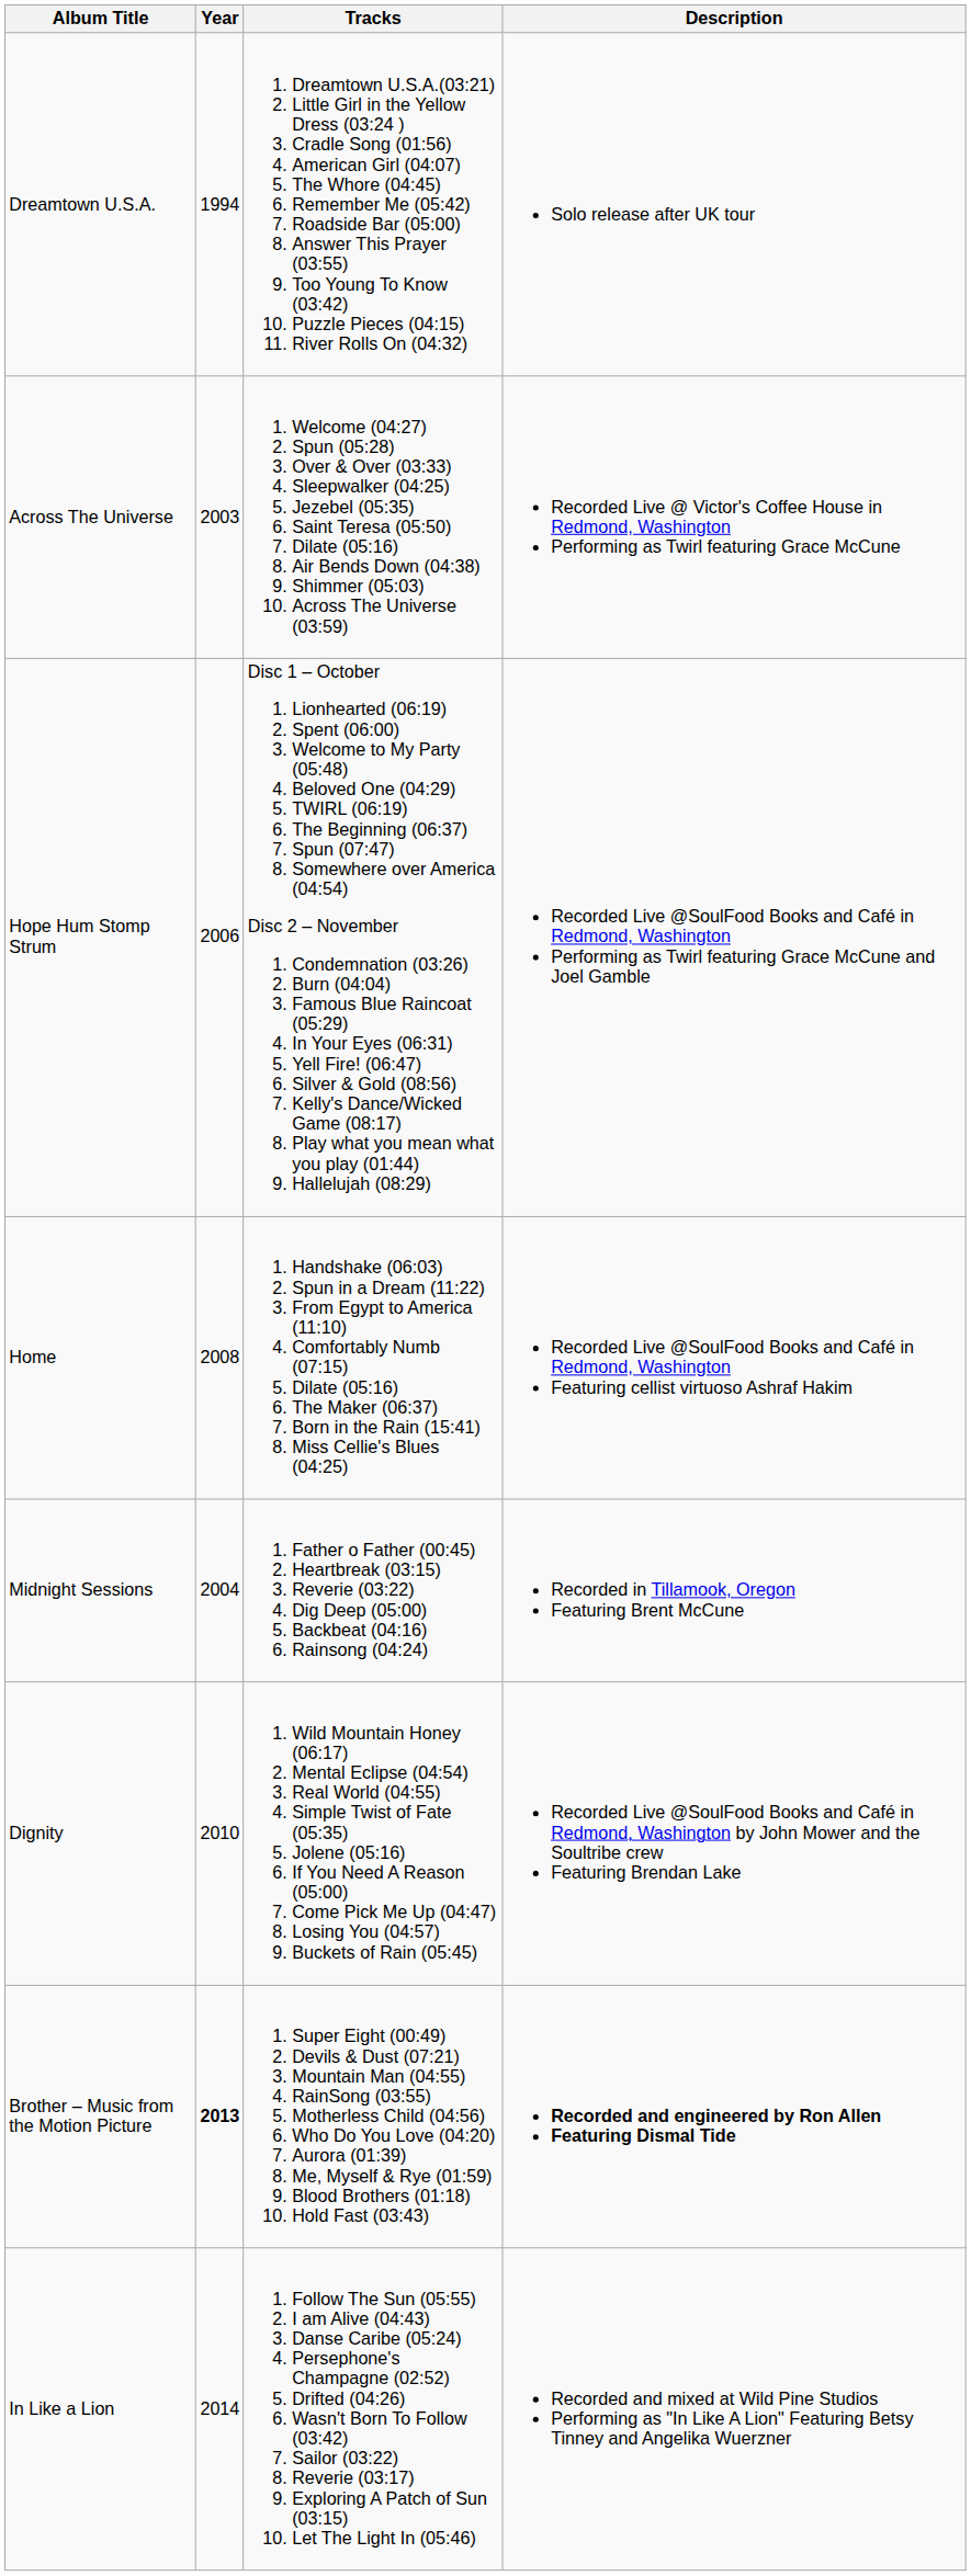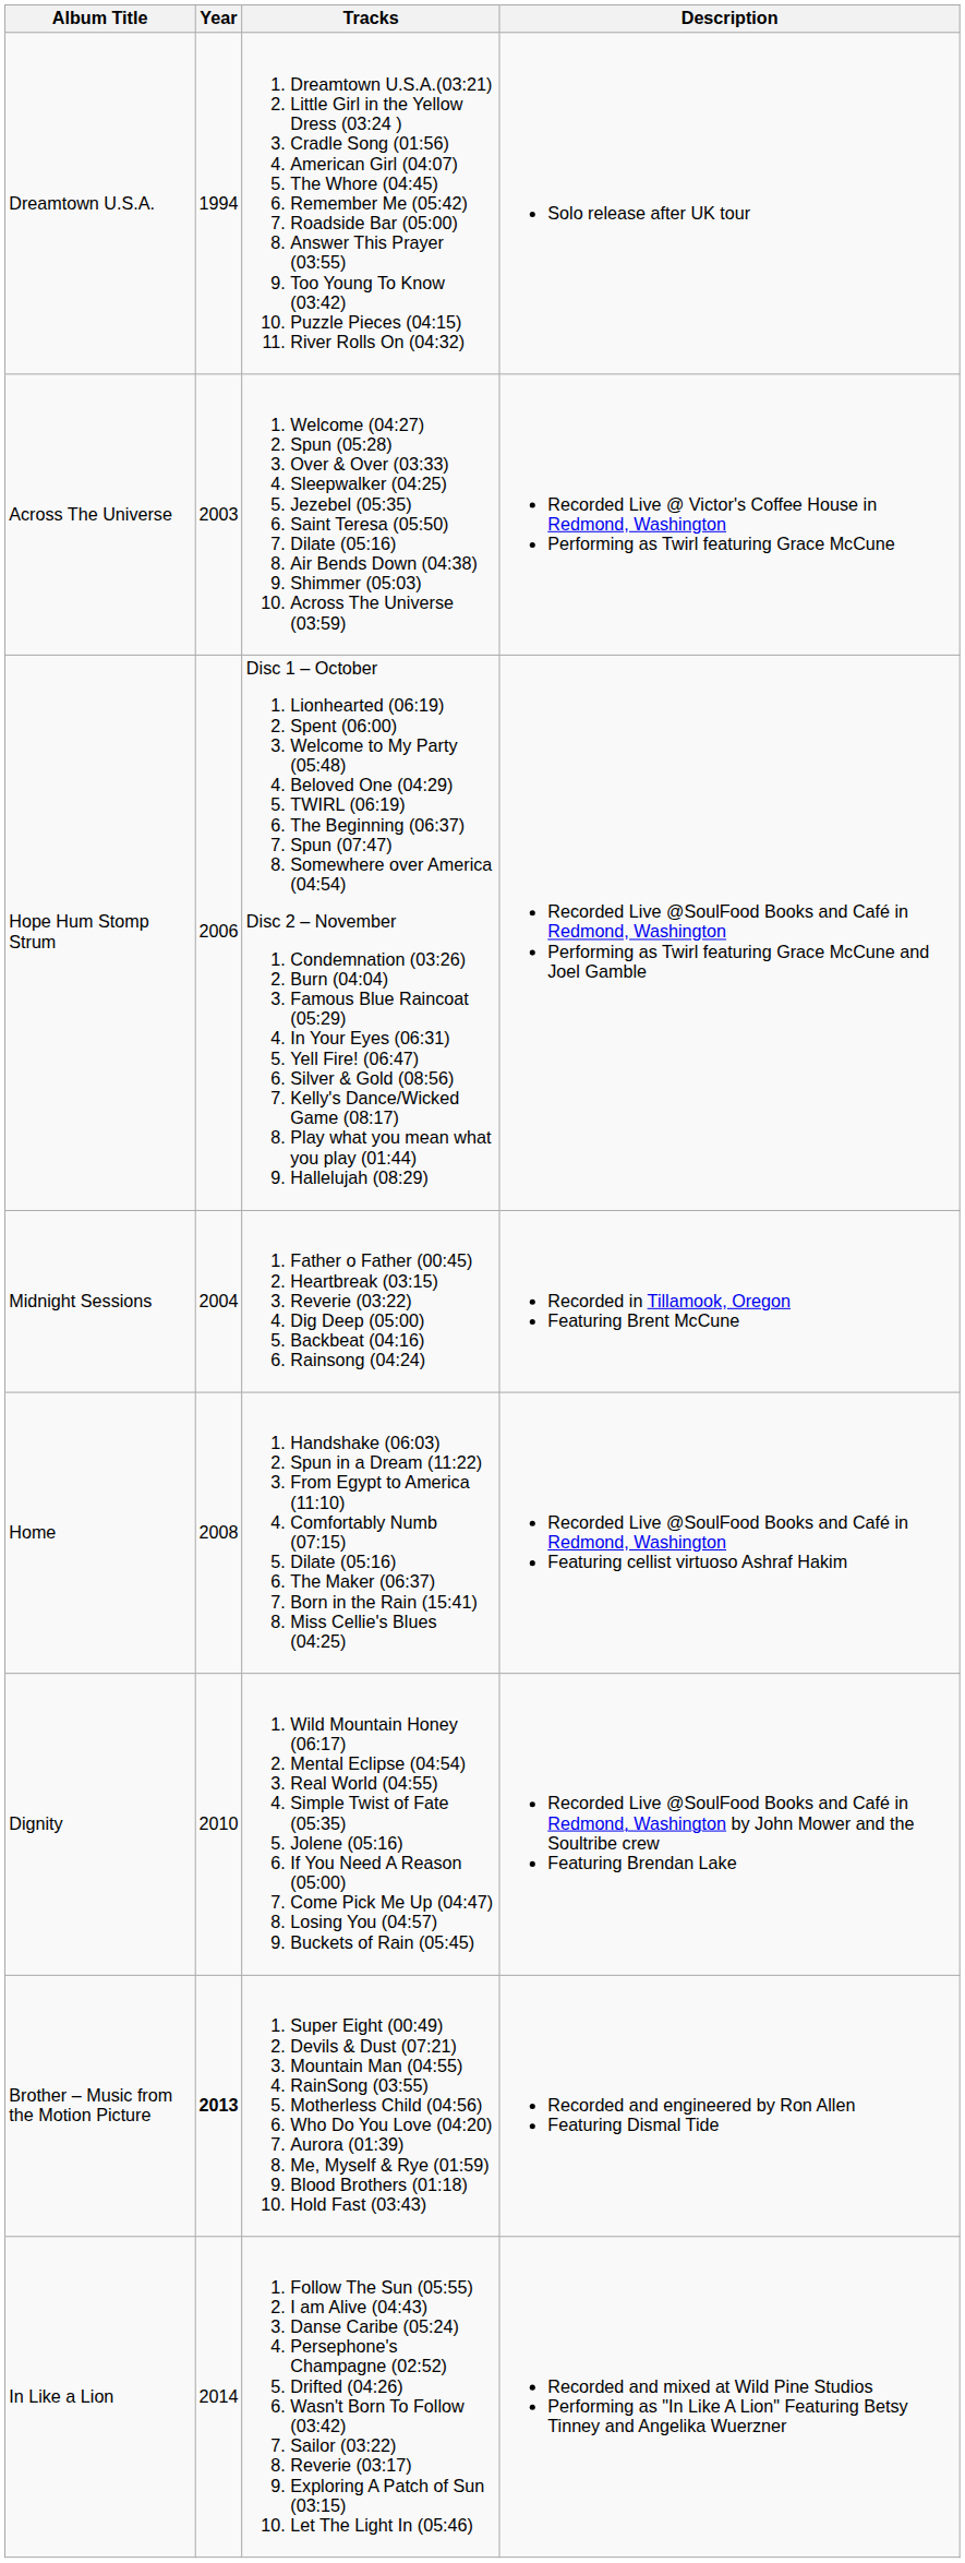 <table class="wikitable">
 <tr>
 <th>Album Title</th>
 <th>Year</th>
 <th>Tracks</th>
 <th>Description</th>
 </tr>
 <tr>
 <td>Dreamtown U.S.A.</td>
 <td>1994</td>
 <td><br><ol><li>Dreamtown U.S.A.(03:21)</li><li>Little Girl in the Yellow Dress (03:24 )</li><li>Cradle Song (01:56)</li><li>American Girl (04:07)</li><li>The Whore (04:45)</li><li>Remember Me (05:42)</li><li>Roadside Bar (05:00)</li><li>Answer This Prayer (03:55)</li><li>Too Young To Know (03:42)</li><li>Puzzle Pieces (04:15)</li><li>River Rolls On (04:32)</li></ol></td>
 <td><br><ul><li>Solo release after UK tour</li></ul></td>
 </tr>
 <tr>
 <td>Across The Universe</td>
 <td>2003</td>
 <td><br><ol><li>Welcome (04:27)</li><li>Spun (05:28)</li><li>Over & Over (03:33)</li><li>Sleepwalker (04:25)</li><li>Jezebel (05:35)</li><li>Saint Teresa (05:50)</li><li>Dilate (05:16)</li><li>Air Bends Down (04:38)</li><li>Shimmer (05:03)</li><li>Across The Universe (03:59)</li></ol></td>
 <td><br><ul><li>Recorded Live @ Victor's Coffee House in <a href='#'>Redmond, Washington</a></li><li>Performing as Twirl featuring Grace McCune</li></ul></td>
 </tr>
 <tr>
 <td>Hope Hum Stomp Strum</td>
 <td>2006</td>
 <td>Disc 1 – October<br><ol><li>Lionhearted (06:19)</li><li>Spent (06:00)</li><li>Welcome to My Party (05:48)</li><li>Beloved One (04:29)</li><li>TWIRL (06:19)</li><li>The Beginning (06:37)</li><li>Spun (07:47)</li><li>Somewhere over America (04:54)</li></ol>Disc 2 – November<ol><li>Condemnation (03:26)</li><li>Burn (04:04)</li><li>Famous Blue Raincoat (05:29)</li><li>In Your Eyes (06:31)</li><li>Yell Fire! (06:47)</li><li>Silver & Gold (08:56)</li><li>Kelly's Dance/Wicked Game (08:17)</li><li>Play what you mean what you play (01:44)</li><li>Hallelujah (08:29)</li></ol></td>
 <td><br><ul><li>Recorded Live @SoulFood Books and Café in <a href='#'>Redmond, Washington</a></li><li>Performing as Twirl featuring Grace McCune and Joel Gamble</li></ul></td>
 </tr>
 <tr>
+<td>Midnight Sessions</td>
+<td>2004</td>
+<td><br><ol><li>Father o Father (00:45)</li><li>Heartbreak (03:15)</li><li>Reverie (03:22)</li><li>Dig Deep (05:00)</li><li>Backbeat (04:16)</li><li>Rainsong (04:24)</li></ol></td>
+<td><br><ul><li>Recorded in <a href='#'>Tillamook, Oregon</a></li><li>Featuring Brent McCune</li></ul></td>
+</tr>
+<tr>
 <td>Home</td>
 <td>2008</td>
 <td><br><ol><li>Handshake (06:03)</li><li>Spun in a Dream (11:22)</li><li>From Egypt to America (11:10)</li><li>Comfortably Numb (07:15)</li><li>Dilate (05:16)</li><li>The Maker (06:37)</li><li>Born in the Rain (15:41)</li><li>Miss Cellie's Blues (04:25)</li></ol></td>
 <td><br><ul><li>Recorded Live @SoulFood Books and Café in <a href='#'>Redmond, Washington</a></li><li>Featuring cellist virtuoso Ashraf Hakim</li></ul></td>
-</tr>
-<tr>
-<td>Midnight Sessions</td>
-<td>2004</td>
-<td><br><ol><li>Father o Father (00:45)</li><li>Heartbreak (03:15)</li><li>Reverie (03:22)</li><li>Dig Deep (05:00)</li><li>Backbeat (04:16)</li><li>Rainsong (04:24)</li></ol></td>
-<td><br><ul><li>Recorded in <a href='#'>Tillamook, Oregon</a></li><li>Featuring Brent McCune</li></ul></td>
 </tr>
 <tr>
 <td>Dignity</td>
 <td>2010</td>
 <td><br><ol><li>Wild Mountain Honey (06:17)</li><li>Mental Eclipse (04:54)</li><li>Real World (04:55)</li><li>Simple Twist of Fate (05:35)</li><li>Jolene (05:16)</li><li>If You Need A Reason (05:00)</li><li>Come Pick Me Up (04:47)</li><li>Losing You (04:57)</li><li>Buckets of Rain (05:45)</li></ol></td>
 <td><br><ul><li>Recorded Live @SoulFood Books and Café in <a href='#'>Redmond, Washington</a> by John Mower and the Soultribe crew</li><li>Featuring Brendan Lake</li></ul></td>
 </tr>
 <tr>
 <td>Brother – Music from the Motion Picture</td>
 <td><strong>2013</strong></td>
 <td><br><ol><li>Super Eight (00:49)</li><li>Devils & Dust (07:21)</li><li>Mountain Man (04:55)</li><li>RainSong (03:55)</li><li>Motherless Child (04:56)</li><li>Who Do You Love (04:20)</li><li>Aurora (01:39)</li><li>Me, Myself & Rye (01:59)</li><li>Blood Brothers (01:18)</li><li>Hold Fast (03:43)</li></ol></td>
-<td><strong><br><ul><li>Recorded and engineered by Ron Allen</li><li>Featuring Dismal Tide</li></ul></strong></td>
+<td><br><ul><li>Recorded and engineered by Ron Allen</li><li>Featuring Dismal Tide</li></ul></td>
 </tr>
 <tr>
 <td>In Like a Lion</td>
 <td>2014</td>
 <td><br><ol><li>Follow The Sun (05:55)</li><li>I am Alive (04:43)</li><li>Danse Caribe (05:24)</li><li>Persephone's Champagne (02:52)</li><li>Drifted (04:26)</li><li>Wasn't Born To Follow (03:42)</li><li>Sailor (03:22)</li><li>Reverie (03:17)</li><li>Exploring A Patch of Sun (03:15)</li><li>Let The Light In (05:46)</li></ol></td>
 <td><br><ul><li>Recorded and mixed at Wild Pine Studios</li><li>Performing as "In Like A Lion" Featuring Betsy Tinney and Angelika Wuerzner</li></ul></td>
 </tr>
 </table>
